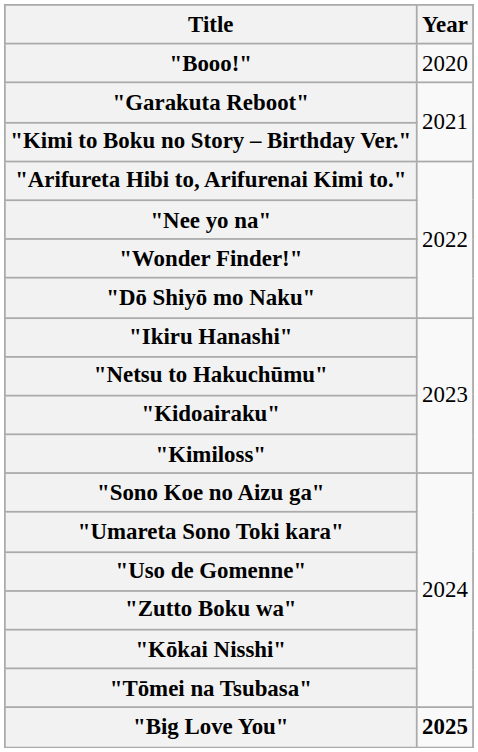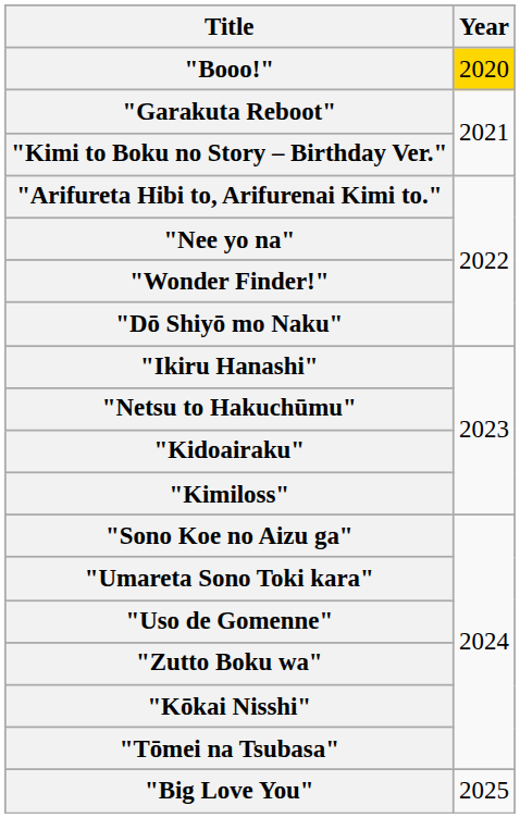 <table class="wikitable plainrowheaders" style="font-size:small; text-align:center">
 <tr>
 <th scope="col">Title</th>
 <th scope="col">Year</th>
 </tr>
 <tr>
 <th scope="row">"Booo!"</th>
-<td>2020</td>
+<td style="background: gold;">2020</td>
 </tr>
 <tr>
 <th scope="row">"Garakuta Reboot"</th>
 <td rowspan="2">2021</td>
 </tr>
 <tr>
 <th scope="row">"Kimi to Boku no Story – Birthday Ver."</th>
 </tr>
 <tr>
 <th scope="row">"Arifureta Hibi to, Arifurenai Kimi to."</th>
 <td rowspan="4">2022</td>
 </tr>
 <tr>
 <th scope="row">"Nee yo na"</th>
 </tr>
 <tr>
 <th scope="row">"Wonder Finder!"</th>
 </tr>
 <tr>
 <th scope="row">"Dō Shiyō mo Naku"</th>
 </tr>
 <tr>
 <th scope="row">"Ikiru Hanashi"</th>
 <td rowspan="4">2023</td>
 </tr>
 <tr>
 <th scope="row">"Netsu to Hakuchūmu"</th>
 </tr>
 <tr>
 <th scope="row">"Kidoairaku"</th>
 </tr>
 <tr>
 <th scope="row">"Kimiloss"</th>
 </tr>
 <tr>
 <th scope="row">"Sono Koe no Aizu ga"</th>
 <td rowspan="6">2024</td>
 </tr>
 <tr>
 <th scope="row">"Umareta Sono Toki kara"</th>
 </tr>
 <tr>
 <th scope="row">"Uso de Gomenne"</th>
 </tr>
 <tr>
 <th scope="row">"Zutto Boku wa"</th>
 </tr>
 <tr>
 <th scope="row">"Kōkai Nisshi"</th>
 </tr>
 <tr>
 <th scope="row">"Tōmei na Tsubasa"</th>
 </tr>
 <tr>
 <th scope="row">"Big Love You"</th>
-<td><strong>2025</strong></td>
+<td>2025</td>
 </tr>
 </table>
